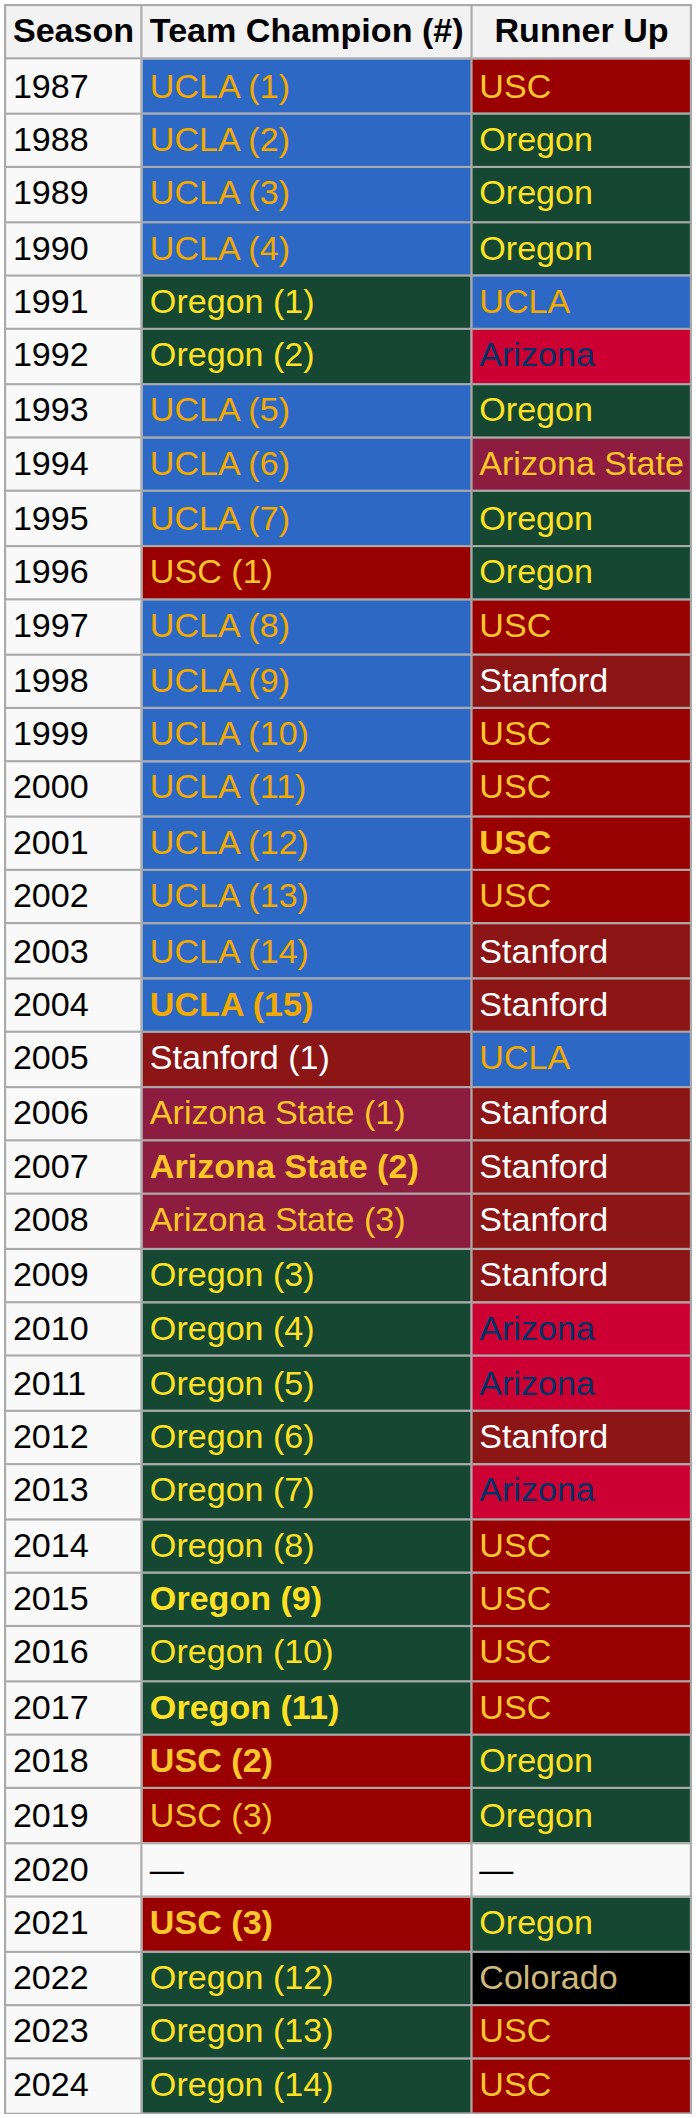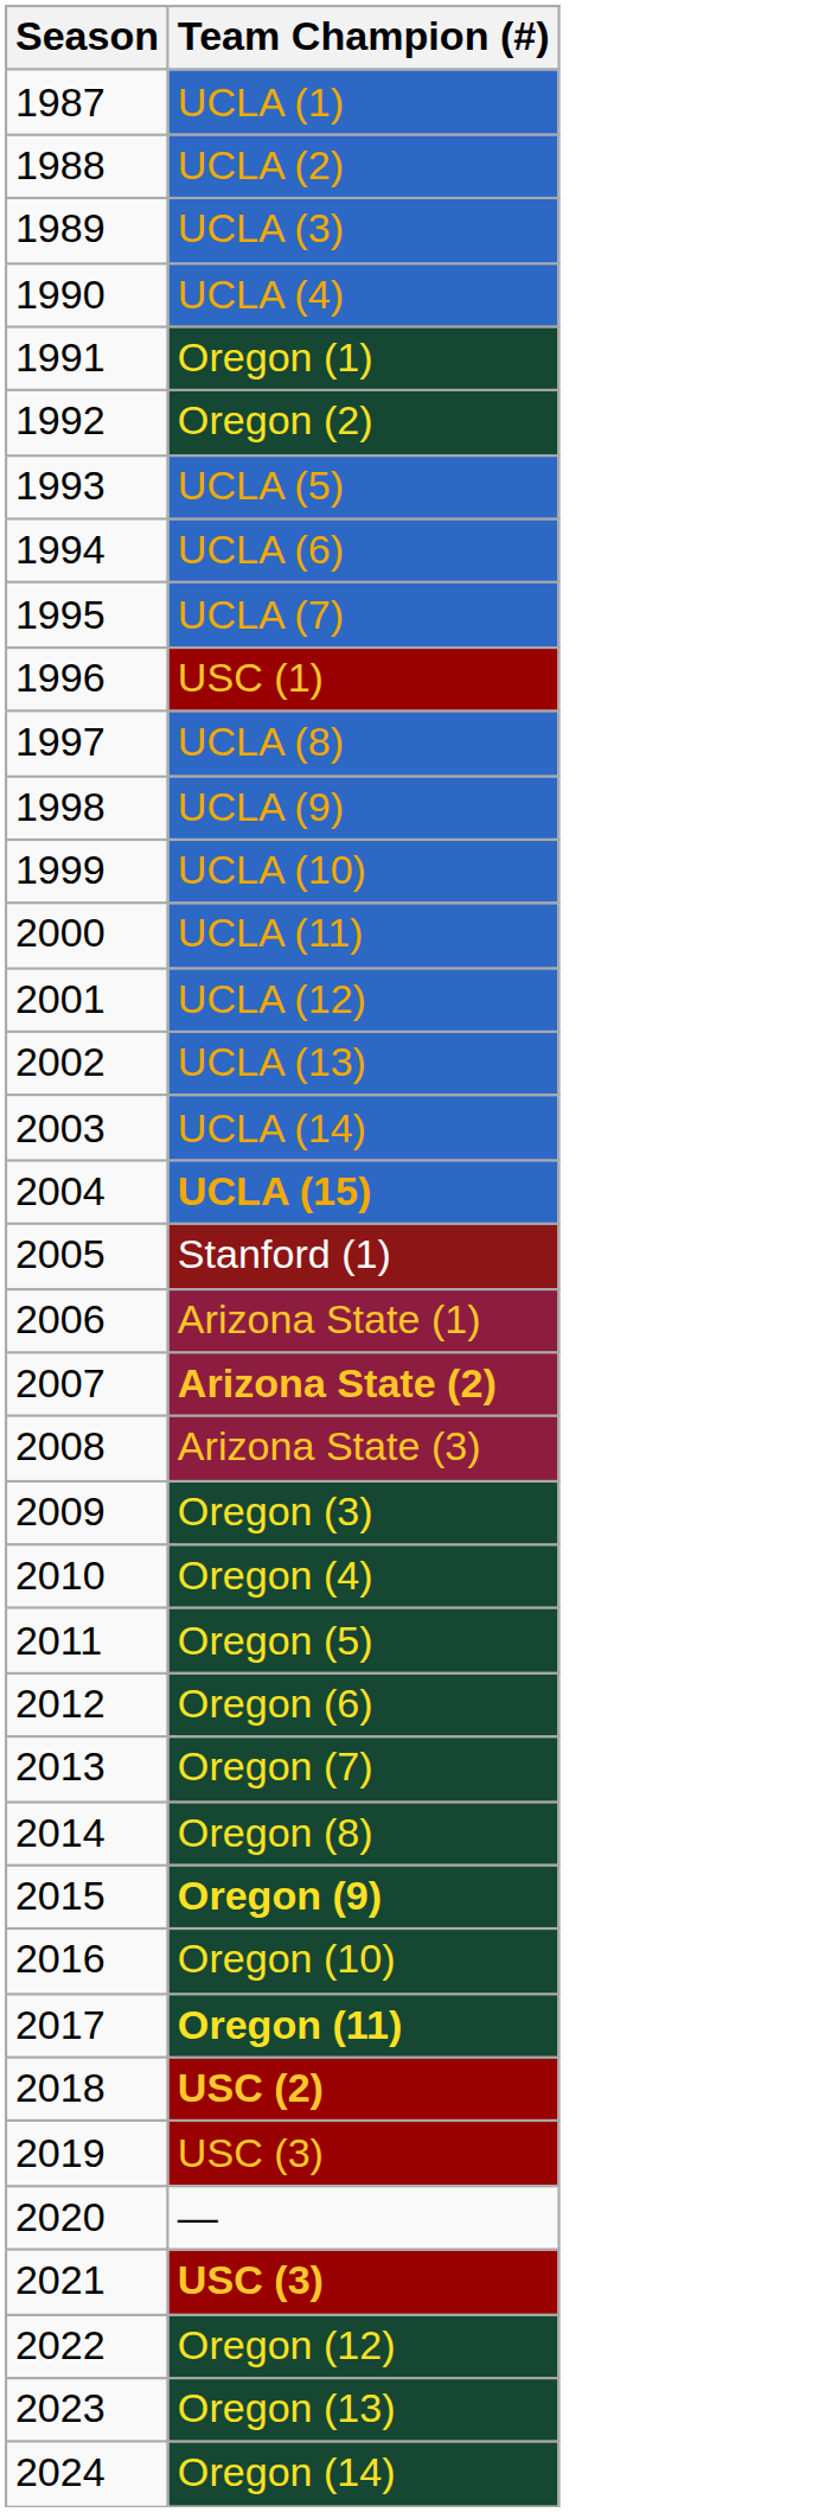 <table class="wikitable">
 <tr>
 <th>Season</th>
 <th>Team Champion (#)</th>
-<th>Runner Up</th>
 </tr>
 <tr>
 <td>1987</td>
 <td style="background:#2D68C4; color:#F2A900;">UCLA (1)</td>
-<td style="background:#990000; color:#FFC72C;">USC</td>
 </tr>
 <tr>
 <td>1988</td>
 <td style="background:#2D68C4; color:#F2A900;">UCLA (2)</td>
-<td style="background:#154733; color:#FEE123;">Oregon</td>
 </tr>
 <tr>
 <td>1989</td>
 <td style="background:#2D68C4; color:#F2A900;">UCLA (3)</td>
-<td style="background:#154733; color:#FEE123;">Oregon</td>
 </tr>
 <tr>
 <td>1990</td>
 <td style="background:#2D68C4; color:#F2A900;">UCLA (4)</td>
-<td style="background:#154733; color:#FEE123;">Oregon</td>
 </tr>
 <tr>
 <td>1991</td>
 <td style="background:#154733; color:#FEE123;">Oregon (1)</td>
-<td style="background:#2D68C4; color:#F2A900;">UCLA</td>
 </tr>
 <tr>
 <td>1992</td>
 <td style="background:#154733; color:#FEE123;">Oregon (2)</td>
-<td style="background:#CC0033; color:#003366;">Arizona</td>
 </tr>
 <tr>
 <td>1993</td>
 <td style="background:#2D68C4; color:#F2A900;">UCLA (5)</td>
-<td style="background:#154733; color:#FEE123;">Oregon</td>
 </tr>
 <tr>
 <td>1994</td>
 <td style="background:#2D68C4; color:#F2A900;">UCLA (6)</td>
-<td style="background:#8C1D40; color:#FFC627;">Arizona State</td>
 </tr>
 <tr>
 <td>1995</td>
 <td style="background:#2D68C4; color:#F2A900;">UCLA (7)</td>
-<td style="background:#154733; color:#FEE123;">Oregon</td>
 </tr>
 <tr>
 <td>1996</td>
 <td style="background:#990000; color:#FFC72C;">USC (1)</td>
-<td style="background:#154733; color:#FEE123;">Oregon</td>
 </tr>
 <tr>
 <td>1997</td>
 <td style="background:#2D68C4; color:#F2A900;">UCLA (8)</td>
-<td style="background:#990000; color:#FFC72C;">USC</td>
 </tr>
 <tr>
 <td>1998</td>
 <td style="background:#2D68C4; color:#F2A900;">UCLA (9)</td>
-<td style="background:#8C1515; color:#FFFFFF;">Stanford</td>
 </tr>
 <tr>
 <td>1999</td>
 <td style="background:#2D68C4; color:#F2A900;">UCLA (10)</td>
-<td style="background:#990000; color:#FFC72C;">USC</td>
 </tr>
 <tr>
 <td>2000</td>
 <td style="background:#2D68C4; color:#F2A900;">UCLA (11)</td>
-<td style="background:#990000; color:#FFC72C;">USC</td>
 </tr>
 <tr>
 <td>2001</td>
 <td style="background:#2D68C4; color:#F2A900;">UCLA (12)</td>
-<td style="background:#990000; color:#FFC72C;"><strong>USC</strong></td>
 </tr>
 <tr>
 <td>2002</td>
 <td style="background:#2D68C4; color:#F2A900;">UCLA (13)</td>
-<td style="background:#990000; color:#FFC72C;">USC</td>
 </tr>
 <tr>
 <td>2003</td>
 <td style="background:#2D68C4; color:#F2A900;">UCLA (14)</td>
-<td style="background:#8C1515; color:#FFFFFF;">Stanford</td>
 </tr>
 <tr>
 <td>2004</td>
 <td style="background:#2D68C4; color:#F2A900;"><strong>UCLA (15)</strong></td>
-<td style="background:#8C1515; color:#FFFFFF;">Stanford</td>
 </tr>
 <tr>
 <td>2005</td>
 <td style="background:#8C1515; color:#FFFFFF;">Stanford (1)</td>
-<td style="background:#2D68C4; color:#F2A900;">UCLA</td>
 </tr>
 <tr>
 <td>2006</td>
 <td style="background:#8C1D40; color:#FFC627;">Arizona State (1)</td>
-<td style="background:#8C1515; color:#FFFFFF;">Stanford</td>
 </tr>
 <tr>
 <td>2007</td>
 <td style="background:#8C1D40; color:#FFC627;"><strong>Arizona State (2)</strong></td>
-<td style="background:#8C1515; color:#FFFFFF;">Stanford</td>
 </tr>
 <tr>
 <td>2008</td>
 <td style="background:#8C1D40; color:#FFC627;">Arizona State (3)</td>
-<td style="background:#8C1515; color:#FFFFFF;">Stanford</td>
 </tr>
 <tr>
 <td>2009</td>
 <td style="background:#154733; color:#FEE123;">Oregon (3)</td>
-<td style="background:#8C1515; color:#FFFFFF;">Stanford</td>
 </tr>
 <tr>
 <td>2010</td>
 <td style="background:#154733; color:#FEE123;">Oregon (4)</td>
-<td style="background:#CC0033; color:#003366;">Arizona</td>
 </tr>
 <tr>
 <td>2011</td>
 <td style="background:#154733; color:#FEE123;">Oregon (5)</td>
-<td style="background:#CC0033; color:#003366;">Arizona</td>
 </tr>
 <tr>
 <td>2012</td>
 <td style="background:#154733; color:#FEE123;">Oregon (6)</td>
-<td style="background:#8C1515; color:#FFFFFF;">Stanford</td>
 </tr>
 <tr>
 <td>2013</td>
 <td style="background:#154733; color:#FEE123;">Oregon (7)</td>
-<td style="background:#CC0033; color:#003366;">Arizona</td>
 </tr>
 <tr>
 <td>2014</td>
 <td style="background:#154733; color:#FEE123;">Oregon (8)</td>
-<td style="background:#990000; color:#FFC72C;">USC</td>
 </tr>
 <tr>
 <td>2015</td>
 <td style="background:#154733; color:#FEE123;"><strong>Oregon (9)</strong></td>
-<td style="background:#990000; color:#FFC72C;">USC</td>
 </tr>
 <tr>
 <td>2016</td>
 <td style="background:#154733; color:#FEE123;">Oregon (10)</td>
-<td style="background:#990000; color:#FFC72C;">USC</td>
 </tr>
 <tr>
 <td>2017</td>
 <td style="background:#154733; color:#FEE123;"><strong>Oregon (11)</strong></td>
-<td style="background:#990000; color:#FFC72C;">USC</td>
 </tr>
 <tr>
 <td>2018</td>
 <td style="background:#990000; color:#FFC72C;"><strong>USC (2)</strong></td>
-<td style="background:#154733; color:#FEE123;">Oregon</td>
 </tr>
 <tr>
 <td>2019</td>
 <td style="background:#990000; color:#FFC72C;">USC (3)</td>
-<td style="background:#154733; color:#FEE123;">Oregon</td>
 </tr>
 <tr>
 <td>2020</td>
-<td>—</td>
 <td>—</td>
 </tr>
 <tr>
 <td>2021</td>
 <td style="background:#990000; color:#FFC72C;"><strong>USC (3)</strong></td>
-<td style="background:#154733; color:#FEE123;">Oregon</td>
 </tr>
 <tr>
 <td>2022</td>
 <td style="background:#154733; color:#FEE123;">Oregon (12)</td>
-<td style="background:#000000; color:#CFB87C;">Colorado</td>
 </tr>
 <tr>
 <td>2023</td>
 <td style="background:#154733; color:#FEE123;">Oregon (13)</td>
-<td style="background:#990000; color:#FFC72C;">USC</td>
 </tr>
 <tr>
 <td>2024</td>
 <td style="background:#154733; color:#FEE123;">Oregon (14)</td>
-<td style="background:#990000; color:#FFC72C;">USC</td>
 </tr>
 </table>
